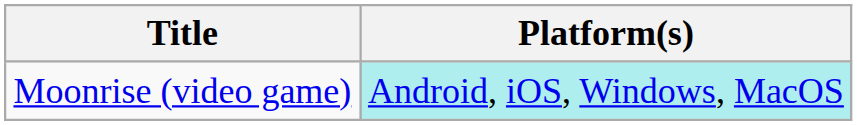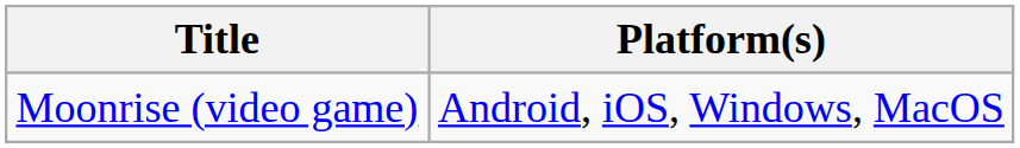 <table class="wikitable">
 <tr>
 <th>Title</th>
 <th>Platform(s)</th>
 </tr>
 <tr>
 <td><a href='#'>Moonrise (video game)</a></td>
-<td style="background: paleturquoise;"><a href='#'>Android</a>, <a href='#'>iOS</a>, <a href='#'>Windows</a>, <a href='#'>MacOS</a></td>
+<td><a href='#'>Android</a>, <a href='#'>iOS</a>, <a href='#'>Windows</a>, <a href='#'>MacOS</a></td>
 </tr>
 </table>
